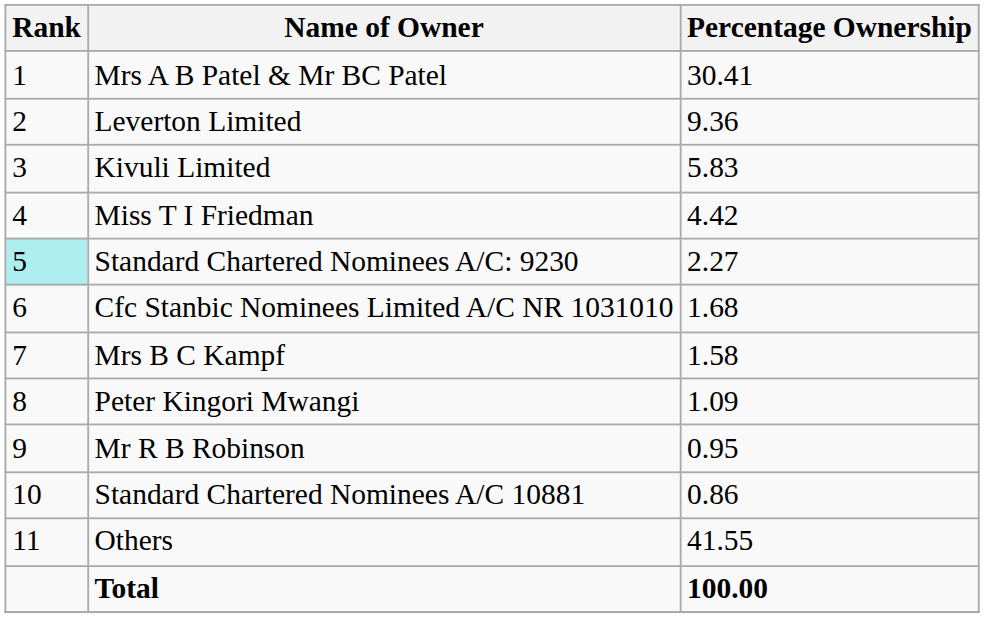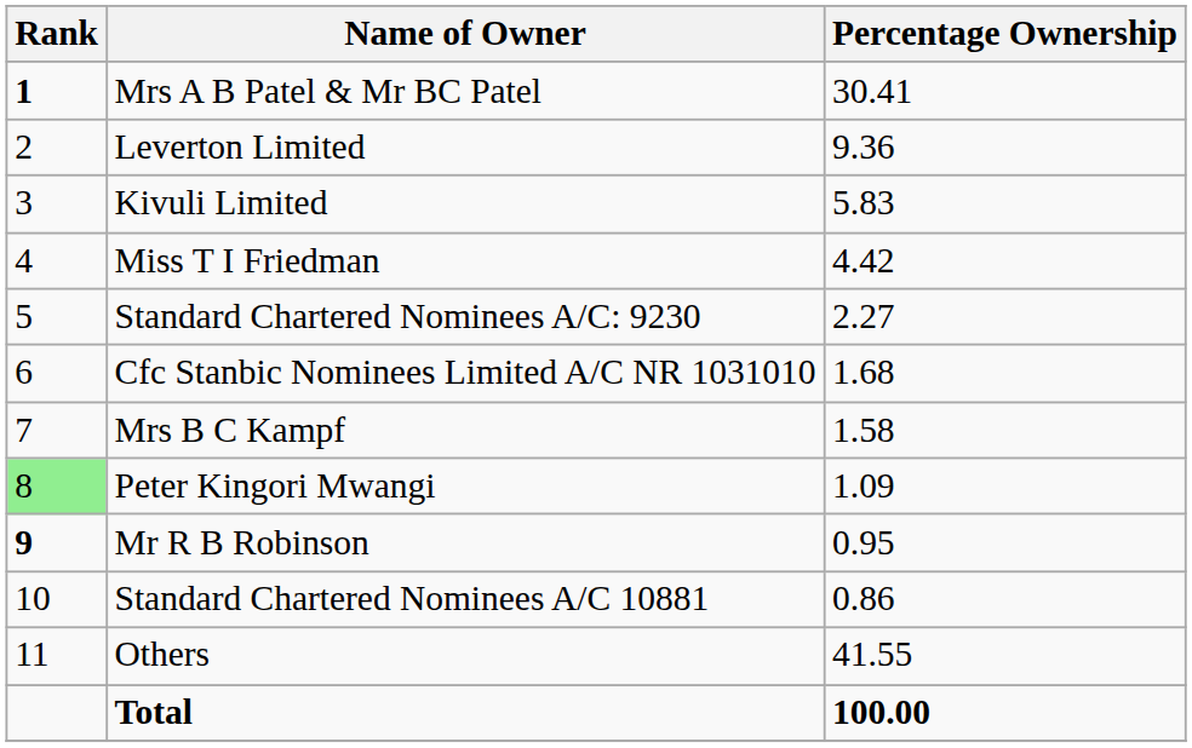 <table class="wikitable sortable" style="margin: 0.5em auto">
 <tr>
 <th>Rank</th>
 <th>Name of Owner</th>
 <th>Percentage Ownership</th>
 </tr>
 <tr>
-<td>1</td>
+<td><strong>1</strong></td>
 <td>Mrs A B Patel & Mr BC Patel</td>
 <td>30.41</td>
 </tr>
 <tr>
 <td>2</td>
 <td>Leverton Limited</td>
 <td>9.36</td>
 </tr>
 <tr>
 <td>3</td>
 <td>Kivuli Limited</td>
 <td>5.83</td>
 </tr>
 <tr>
 <td>4</td>
 <td>Miss T I Friedman</td>
 <td>4.42</td>
 </tr>
 <tr>
-<td style="background: paleturquoise;">5</td>
+<td>5</td>
 <td Standard Chartered>Standard Chartered Nominees A/C: 9230</td>
 <td>2.27</td>
 </tr>
 <tr>
 <td>6</td>
 <td>Cfc Stanbic Nominees Limited A/C NR 1031010</td>
 <td>1.68</td>
 </tr>
 <tr>
 <td>7</td>
 <td>Mrs B C Kampf</td>
 <td>1.58</td>
 </tr>
 <tr>
-<td>8</td>
+<td style="background: lightgreen;">8</td>
 <td>Peter Kingori Mwangi</td>
 <td>1.09</td>
 </tr>
 <tr>
-<td>9</td>
+<td><strong>9</strong></td>
 <td>Mr R B Robinson</td>
 <td>0.95</td>
 </tr>
 <tr>
 <td>10</td>
 <td>Standard Chartered Nominees A/C 10881</td>
 <td>0.86</td>
 </tr>
 <tr>
 <td>11</td>
 <td>Others</td>
 <td>41.55</td>
 </tr>
 <tr>
 <td></td>
 <td><strong>Total</strong></td>
 <td><strong>100.00</strong></td>
 </tr>
 <tr>
 </tr>
 </table>
